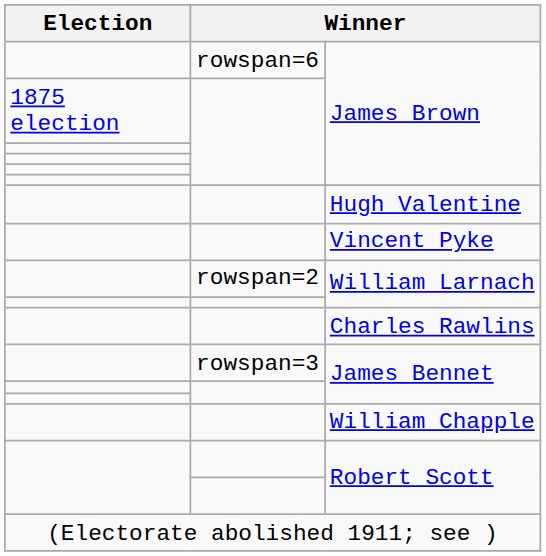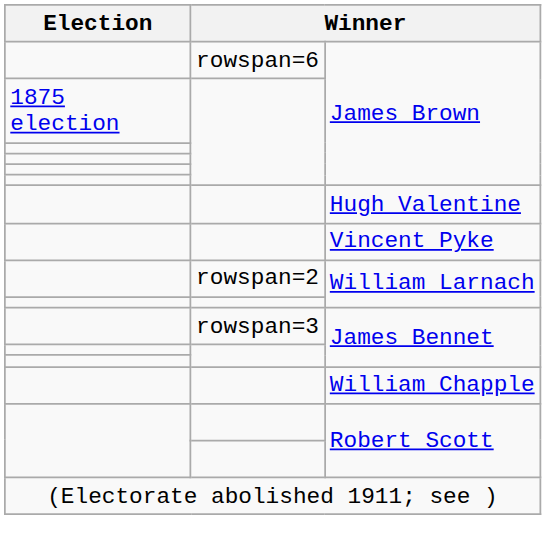 <table class=wikitable>
 <tr>
 <th width=100>Election</th>
 <th colspan=2 width=175>Winner</th>
 </tr>
 <tr>
 <td></td>
 <td>rowspan=6 </td>
 <td rowspan=6><a href='#'>James Brown</a></td>
 </tr>
 <tr>
 <td><a href='#'>1875 election</a></td>
 </tr>
 <tr>
 <td></td>
 </tr>
 <tr>
 <td></td>
 </tr>
 <tr>
 <td></td>
 </tr>
 <tr>
 <td></td>
 </tr>
 <tr>
 <td></td>
 <td></td>
 <td><a href='#'>Hugh Valentine</a></td>
 </tr>
 <tr>
 <td></td>
 <td></td>
 <td><a href='#'>Vincent Pyke</a></td>
 </tr>
 <tr>
 <td></td>
 <td>rowspan=2 </td>
 <td rowspan=2><a href='#'>William Larnach</a></td>
 </tr>
 <tr>
 <td></td>
 </tr>
 <tr>
 <td></td>
-<td></td>
-<td><a href='#'>Charles Rawlins</a></td>
-</tr>
-<tr>
-<td></td>
 <td>rowspan=3 </td>
 <td rowspan=3><a href='#'>James Bennet</a></td>
 </tr>
 <tr>
 <td></td>
 </tr>
 <tr>
 <td></td>
 </tr>
 <tr>
 <td></td>
 <td></td>
 <td><a href='#'>William Chapple</a></td>
 </tr>
 <tr>
 <td height=36 rowspan=2></td>
 <td></td>
 <td rowspan=2><a href='#'>Robert Scott</a></td>
 </tr>
 <tr>
 <td></td>
 </tr>
 <tr>
 <td colspan=3 align=center><span>(Electorate abolished 1911; see )</span></td>
 </tr>
 </table>
